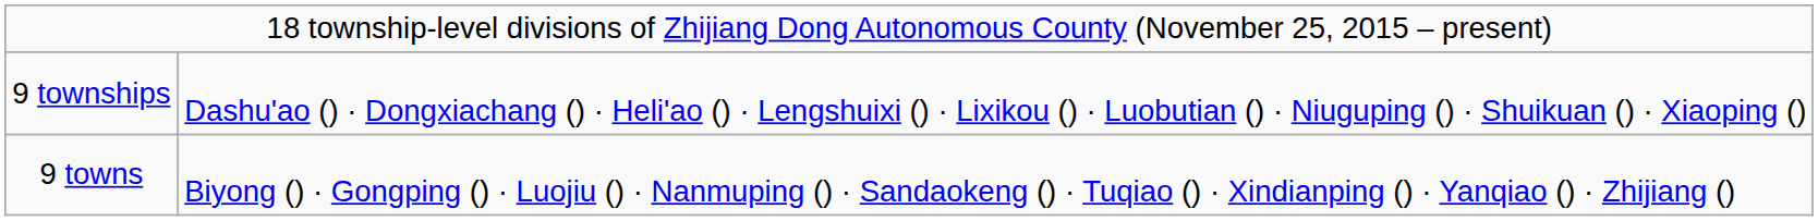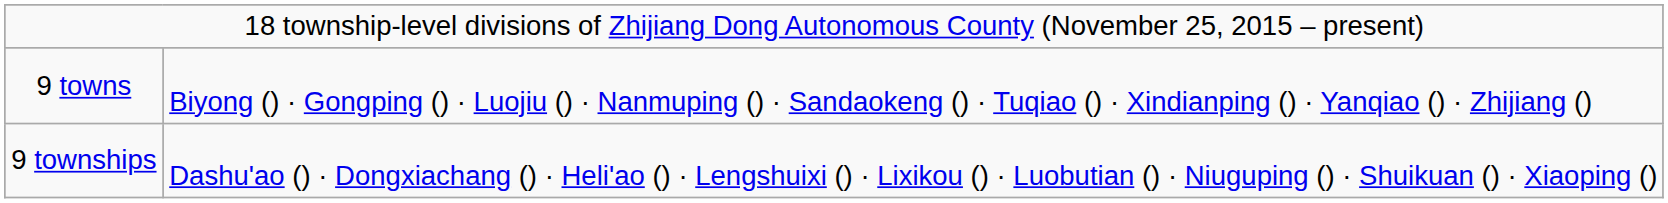 <table class="wikitable">
 <tr>
 <td style="text-align:center;" colspan="2">18 township-level divisions of <a href='#'>Zhijiang Dong Autonomous County</a> (November 25, 2015 – present)</td>
 </tr>
 <tr align=left>
+<td align=center>9 <a href='#'>towns</a></td>
+<td><br><a href='#'>Biyong</a> () · <a href='#'>Gongping</a> () · <a href='#'>Luojiu</a> () · <a href='#'>Nanmuping</a> () · <a href='#'>Sandaokeng</a> () · <a href='#'>Tuqiao</a> () · <a href='#'>Xindianping</a> () · <a href='#'>Yanqiao</a> () · <a href='#'>Zhijiang</a> ()</td>
+</tr>
+<tr align=left>
 <td align=center>9 <a href='#'>townships</a></td>
 <td><br><a href='#'>Dashu'ao</a> () · <a href='#'>Dongxiachang</a> () · <a href='#'>Heli'ao</a> () · <a href='#'>Lengshuixi</a> () · <a href='#'>Lixikou</a> () · <a href='#'>Luobutian</a> () · <a href='#'>Niuguping</a> () · <a href='#'>Shuikuan</a> () · <a href='#'>Xiaoping</a> ()</td>
 </tr>
-<tr align=left>
-<td align=center>9 <a href='#'>towns</a></td>
-<td><br><a href='#'>Biyong</a> () · <a href='#'>Gongping</a> () · <a href='#'>Luojiu</a> () · <a href='#'>Nanmuping</a> () · <a href='#'>Sandaokeng</a> () · <a href='#'>Tuqiao</a> () · <a href='#'>Xindianping</a> () · <a href='#'>Yanqiao</a> () · <a href='#'>Zhijiang</a> ()</td>
-</tr>
 </table>
